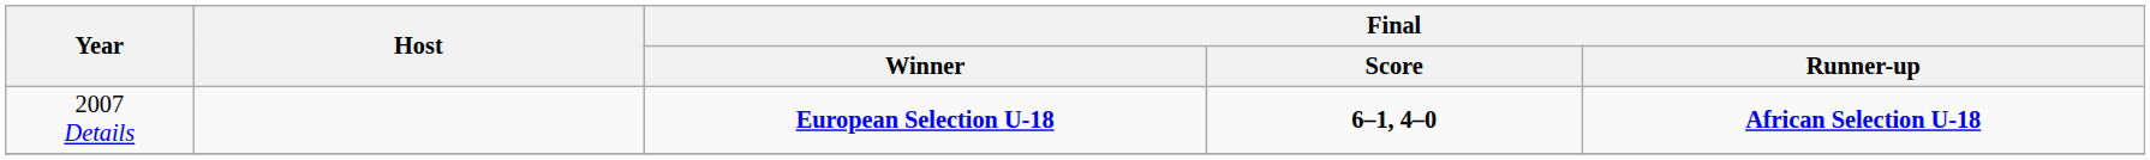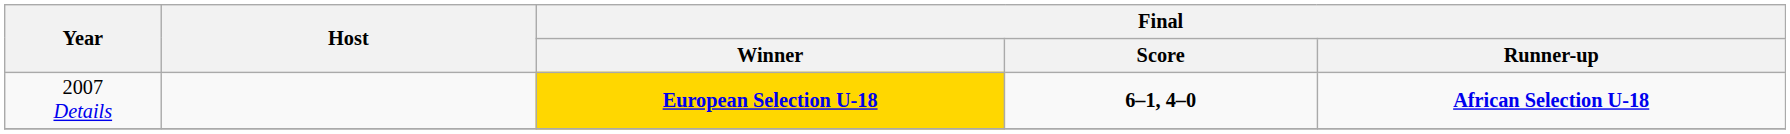 <table class="wikitable" style="font-size: 90%; text-align: center; width: 100%;">
 <tr>
 <th rowspan="2" width="5%">Year</th>
 <th rowspan="2" width="12%">Host</th>
 <th colspan="3">Final</th>
 </tr>
 <tr>
 <th width="15%">Winner</th>
 <th width="10%">Score</th>
 <th width="15%">Runner-up</th>
 </tr>
 <tr align=center>
 <td>2007<br><em><a href='#'>Details</a></em></td>
 <td></td>
-<td><strong><a href='#'>European Selection U-18</a></strong></td>
+<td style="background: gold;"><strong><a href='#'>European Selection U-18</a></strong></td>
 <td><strong>6–1, 4–0</strong></td>
 <td><strong><a href='#'>African Selection U-18</a></strong></td>
 </tr>
 <tr>
 </tr>
 </table>
